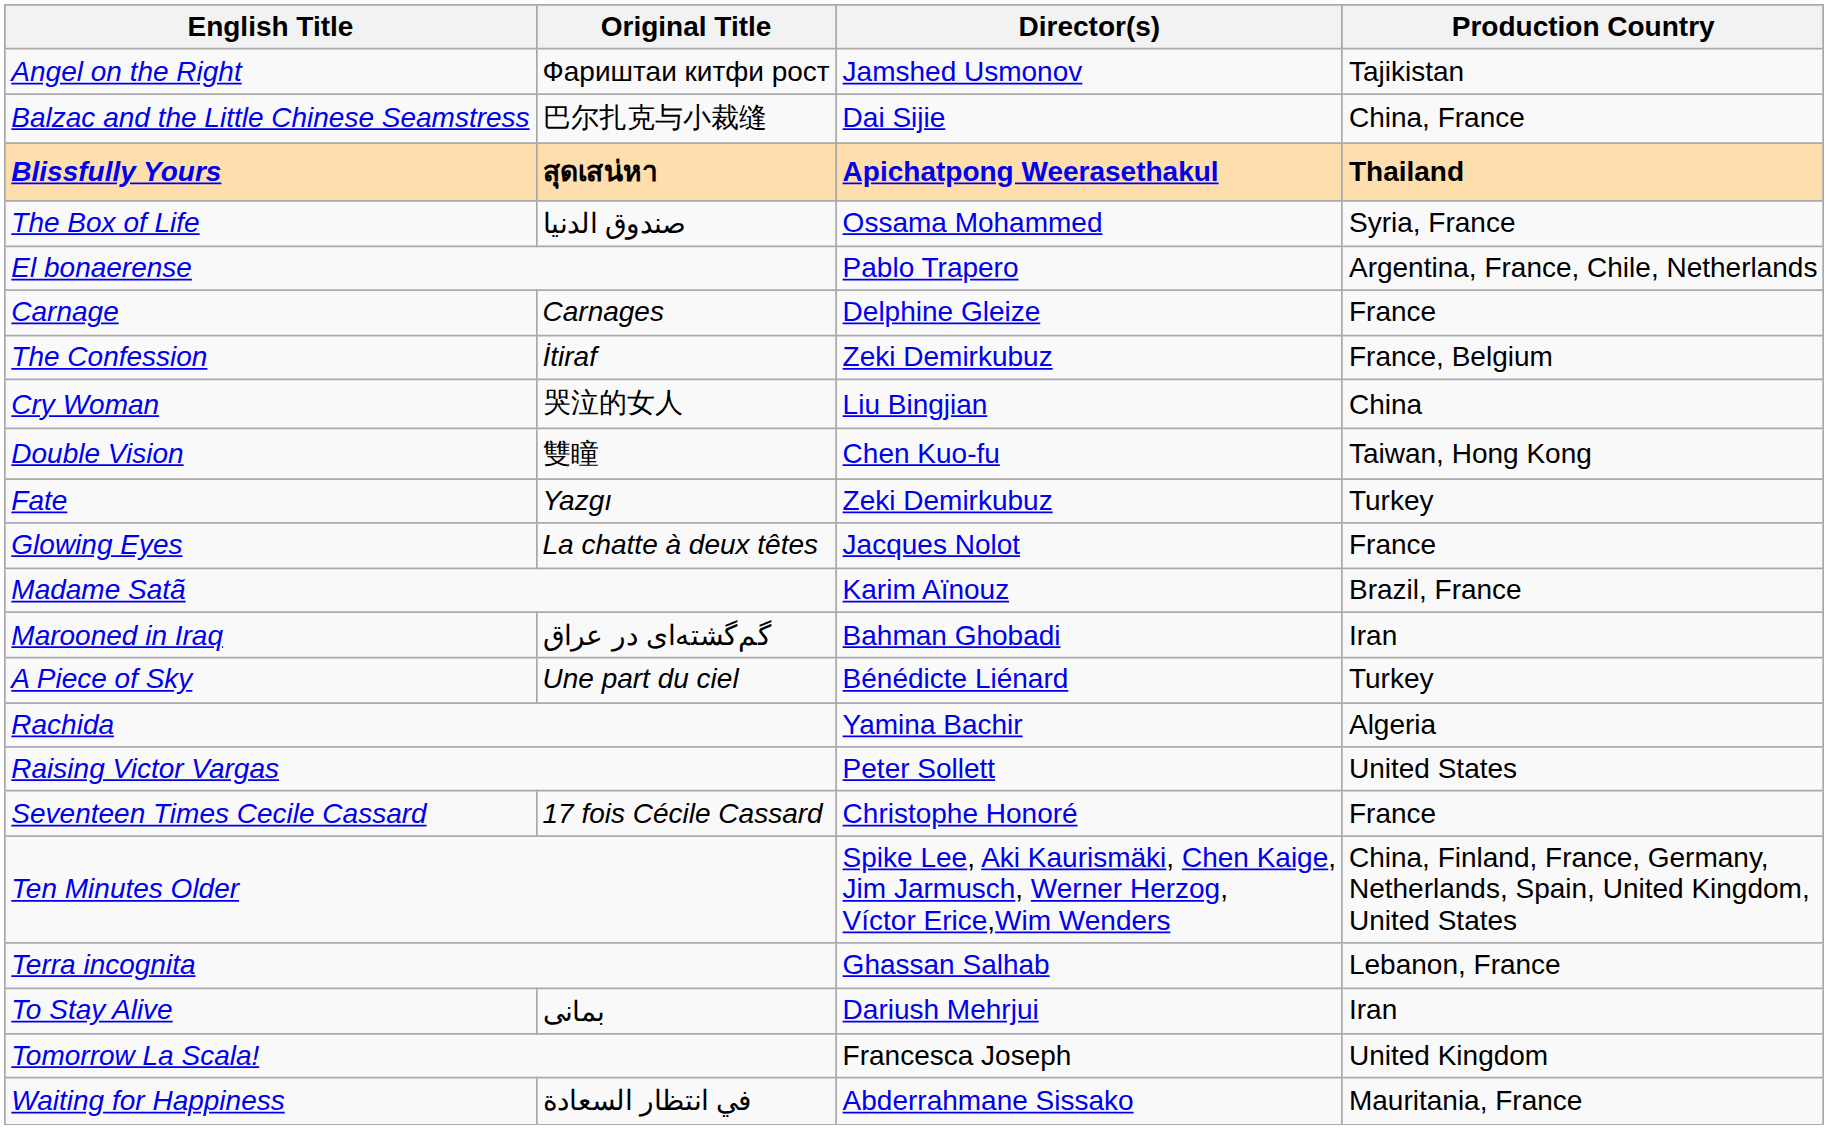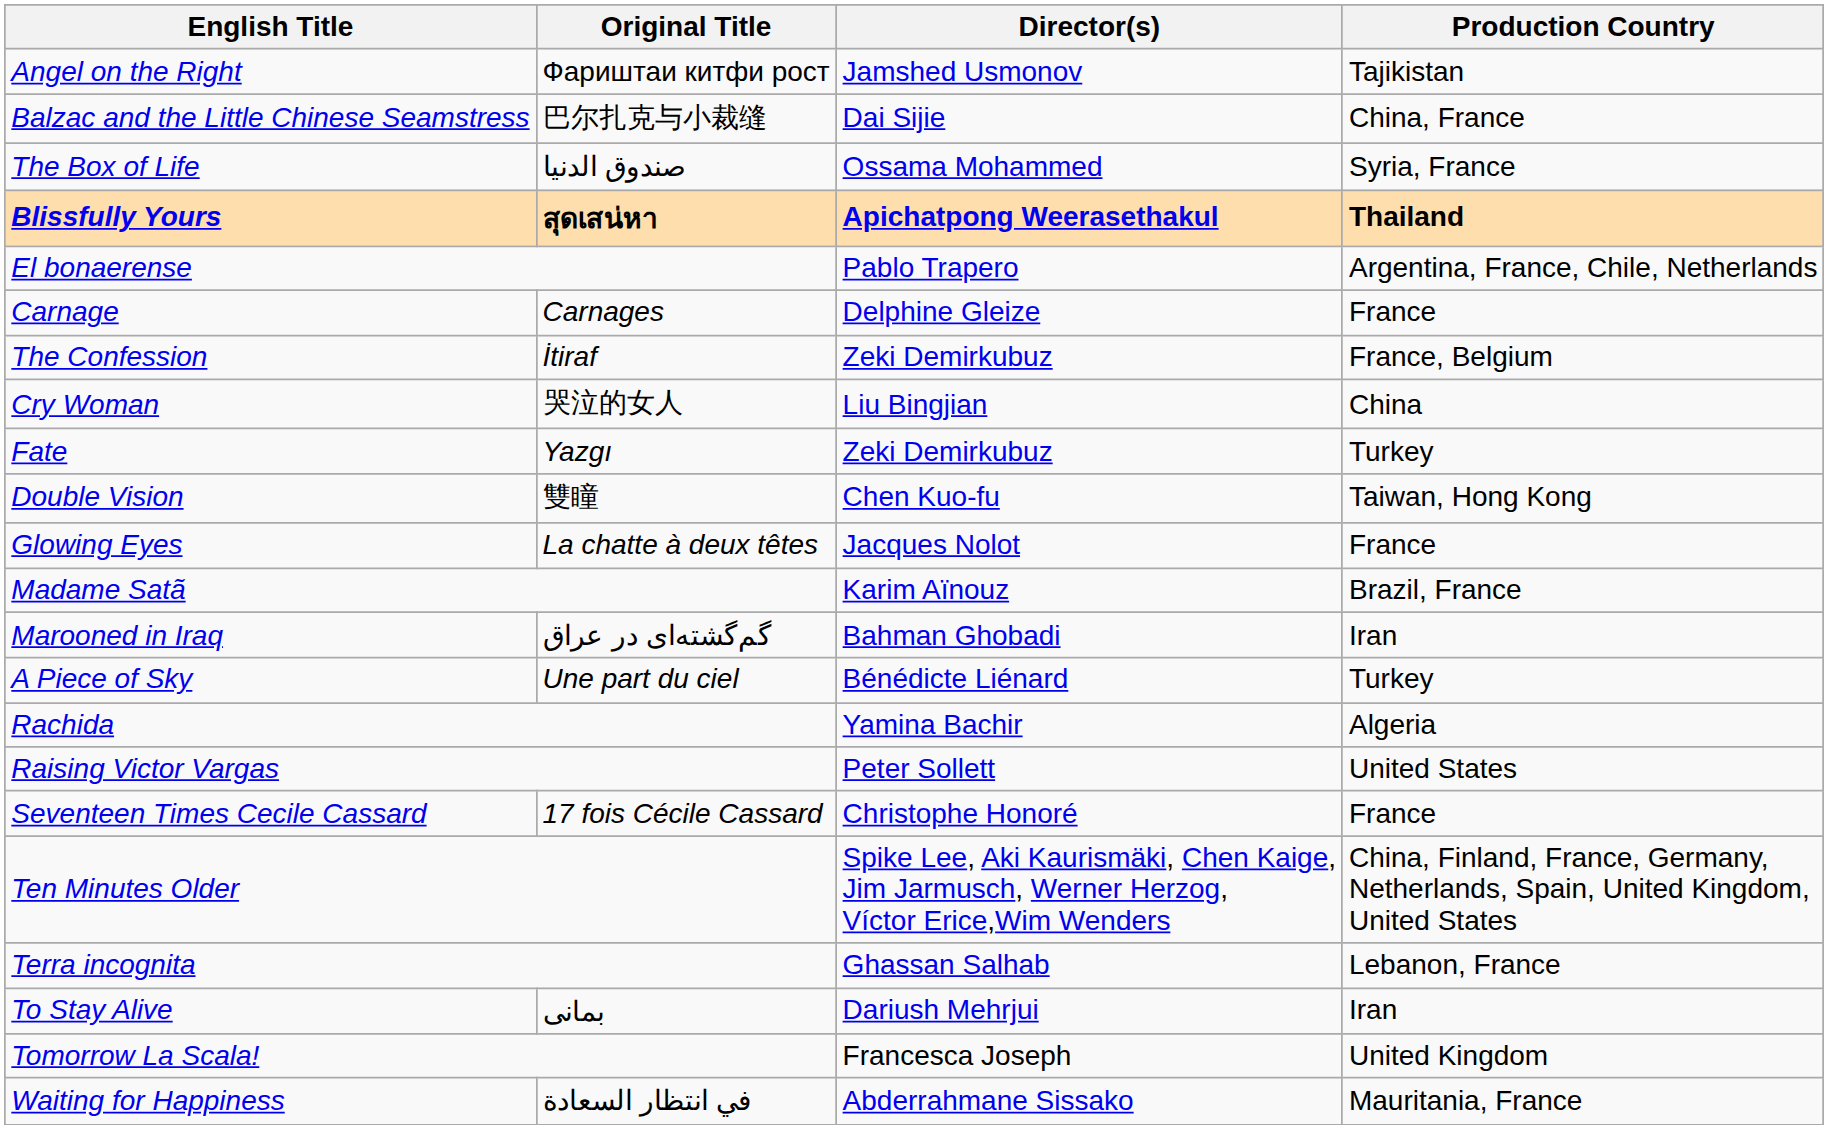 <table class="wikitable">
 <tr>
 <th>English Title</th>
 <th>Original Title</th>
 <th>Director(s)</th>
 <th>Production Country</th>
 </tr>
 <tr>
 <td><em><a href='#'>Angel on the Right</a></em></td>
 <td>Фариштаи китфи рост</td>
 <td><a href='#'>Jamshed Usmonov</a></td>
 <td>Tajikistan</td>
 </tr>
 <tr>
 <td><em><a href='#'>Balzac and the Little Chinese Seamstress</a></em></td>
 <td>巴尔扎克与小裁缝</td>
 <td><a href='#'>Dai Sijie</a></td>
 <td>China, France</td>
 </tr>
+<tr>
+<td><em><a href='#'>The Box of Life</a></em></td>
+<td>صندوق الدنيا</td>
+<td><a href='#'>Ossama Mohammed</a></td>
+<td>Syria, France</td>
+</tr>
 <tr style="background:#FFDEAD;">
 <td><strong><em><a href='#'>Blissfully Yours</a></em></strong></td>
 <td><strong>สุดเสน่หา</strong></td>
 <td><strong><a href='#'>Apichatpong Weerasethakul</a></strong></td>
 <td><strong>Thailand</strong></td>
-</tr>
-<tr>
-<td><em><a href='#'>The Box of Life</a></em></td>
-<td>صندوق الدنيا</td>
-<td><a href='#'>Ossama Mohammed</a></td>
-<td>Syria, France</td>
 </tr>
 <tr>
 <td colspan="2"><em><a href='#'>El bonaerense</a></em></td>
 <td><a href='#'>Pablo Trapero</a></td>
 <td>Argentina, France, Chile, Netherlands</td>
 </tr>
 <tr>
 <td><em><a href='#'>Carnage</a></em></td>
 <td><em>Carnages</em></td>
 <td><a href='#'>Delphine Gleize</a></td>
 <td>France</td>
 </tr>
 <tr>
 <td><em><a href='#'>The Confession</a></em></td>
 <td><em>İtiraf</em></td>
 <td><a href='#'>Zeki Demirkubuz</a></td>
 <td>France, Belgium</td>
 </tr>
 <tr>
 <td><em><a href='#'>Cry Woman</a></em></td>
 <td>哭泣的女人</td>
 <td><a href='#'>Liu Bingjian</a></td>
 <td>China</td>
 </tr>
 <tr>
+<td><em><a href='#'>Fate</a></em></td>
+<td><em>Yazgı</em></td>
+<td><a href='#'>Zeki Demirkubuz</a></td>
+<td>Turkey</td>
+</tr>
+<tr>
 <td><em><a href='#'>Double Vision</a></em></td>
 <td>雙瞳</td>
 <td><a href='#'>Chen Kuo-fu</a></td>
 <td>Taiwan, Hong Kong</td>
-</tr>
-<tr>
-<td><em><a href='#'>Fate</a></em></td>
-<td><em>Yazgı</em></td>
-<td><a href='#'>Zeki Demirkubuz</a></td>
-<td>Turkey</td>
 </tr>
 <tr>
 <td><em><a href='#'>Glowing Eyes</a></em></td>
 <td><em>La chatte à deux têtes</em></td>
 <td><a href='#'>Jacques Nolot</a></td>
 <td>France</td>
 </tr>
 <tr>
 <td colspan="2"><em><a href='#'>Madame Satã</a></em></td>
 <td><a href='#'>Karim Aïnouz</a></td>
 <td>Brazil, France</td>
 </tr>
 <tr>
 <td><em><a href='#'>Marooned in Iraq</a></em></td>
 <td>گم‌گشته‌ای در عراق</td>
 <td><a href='#'>Bahman Ghobadi</a></td>
 <td>Iran</td>
 </tr>
 <tr>
 <td><em><a href='#'>A Piece of Sky</a></em></td>
 <td><em>Une part du ciel</em></td>
 <td><a href='#'>Bénédicte Liénard</a></td>
 <td>Turkey</td>
 </tr>
 <tr>
 <td colspan="2"><em><a href='#'>Rachida</a></em></td>
 <td><a href='#'>Yamina Bachir</a></td>
 <td>Algeria</td>
 </tr>
 <tr>
 <td colspan="2"><em><a href='#'>Raising Victor Vargas</a></em></td>
 <td><a href='#'>Peter Sollett</a></td>
 <td>United States</td>
 </tr>
 <tr>
 <td><em><a href='#'>Seventeen Times Cecile Cassard</a></em></td>
 <td><em>17 fois Cécile Cassard</em></td>
 <td><a href='#'>Christophe Honoré</a></td>
 <td>France</td>
 </tr>
 <tr>
 <td colspan="2"><em><a href='#'>Ten Minutes Older</a></em></td>
 <td><a href='#'>Spike Lee</a>, <a href='#'>Aki Kaurismäki</a>, <a href='#'>Chen Kaige</a>,<br><a href='#'>Jim Jarmusch</a>, <a href='#'>Werner Herzog</a>,<br><a href='#'>Víctor Erice</a>,<a href='#'>Wim Wenders</a></td>
 <td>China, Finland, France, Germany,<br>Netherlands, Spain, United Kingdom,<br>United States</td>
 </tr>
 <tr>
 <td colspan="2"><em><a href='#'>Terra incognita</a></em></td>
 <td><a href='#'>Ghassan Salhab</a></td>
 <td>Lebanon, France</td>
 </tr>
 <tr>
 <td><em><a href='#'>To Stay Alive</a></em></td>
 <td>بمانی</td>
 <td><a href='#'>Dariush Mehrjui</a></td>
 <td>Iran</td>
 </tr>
 <tr>
 <td colspan="2"><em><a href='#'>Tomorrow La Scala!</a></em></td>
 <td>Francesca Joseph</td>
 <td>United Kingdom</td>
 </tr>
 <tr>
 <td><em><a href='#'>Waiting for Happiness</a></em></td>
 <td>في انتظار السعادة</td>
 <td><a href='#'>Abderrahmane Sissako</a></td>
 <td>Mauritania, France</td>
 </tr>
 </table>
